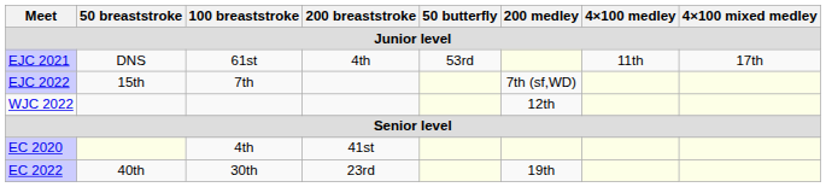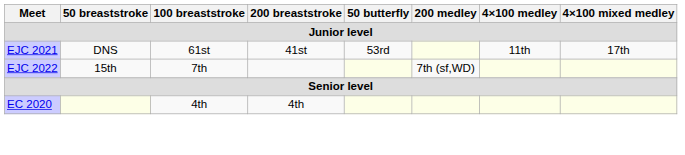 <table class="sortable wikitable">
 <tr>
 <th>Meet</th>
 <th class="unsortable">50 breaststroke</th>
 <th class="unsortable">100 breaststroke</th>
 <th class="unsortable">200 breaststroke</th>
 <th class="unsortable">50 butterfly</th>
 <th class="unsortable">200 medley</th>
 <th class="unsortable">4×100 medley</th>
 <th class="unsortable">4×100 mixed medley</th>
 </tr>
 <tr bgcolor="#DDDDDD">
 <td colspan="8" align="center"><strong>Junior level</strong></td>
 </tr>
 <tr>
 <td style="background:#ccccff"><a href='#'>EJC 2021</a></td>
 <td align="center">DNS</td>
 <td align="center">61st</td>
-<td align="center">4th</td>
+<td align="center">41st</td>
 <td align="center">53rd</td>
 <td style="background:#fdffe7"></td>
 <td align="center">11th</td>
 <td align="center">17th</td>
 </tr>
 <tr>
 <td style="background:#ccccff"><a href='#'>EJC 2022</a></td>
 <td align="center">15th</td>
 <td align="center">7th</td>
 <td align="center"></td>
 <td style="background:#fdffe7"></td>
 <td align="center">7th (sf,WD)</td>
 <td style="background:#fdffe7"></td>
 <td style="background:#fdffe7"></td>
 </tr>
-<tr>
-<td><a href='#'>WJC 2022</a></td>
-<td align="center"></td>
-<td align="center"></td>
-<td align="center"></td>
-<td style="background:#fdffe7"></td>
-<td align="center">12th</td>
-<td style="background:#fdffe7"></td>
-<td style="background:#fdffe7"></td>
-</tr>
 <tr bgcolor="#DDDDDD">
 <td colspan="8" align="center"><strong>Senior level</strong></td>
 </tr>
 <tr>
 <td style="background:#ccccff"><a href='#'>EC 2020</a></td>
 <td style="background:#fdffe7"></td>
 <td align="center">4th</td>
-<td align="center">41st</td>
+<td align="center">4th</td>
 <td style="background:#fdffe7"></td>
 <td style="background:#fdffe7"></td>
 <td style="background:#fdffe7"></td>
 <td style="background:#fdffe7"></td>
 </tr>
-<tr>
-<td style="background:#ccccff"><a href='#'>EC 2022</a></td>
-<td align="center">40th</td>
-<td align="center">30th</td>
-<td align="center">23rd</td>
-<td style="background:#fdffe7"></td>
-<td align="center">19th</td>
-<td style="background:#fdffe7"></td>
-<td style="background:#fdffe7"></td>
-</tr>
 </table>
